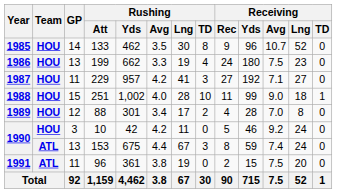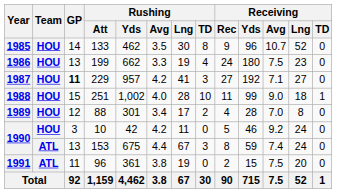 <table class=wikitable style="text-align:center;">
 <tr>
 <th rowspan="2">Year</th>
 <th rowspan="2">Team</th>
 <th rowspan="2">GP</th>
 <th colspan="5">Rushing</th>
 <th colspan="5">Receiving</th>
 </tr>
 <tr>
 <th>Att</th>
 <th>Yds</th>
 <th>Avg</th>
 <th>Lng</th>
 <th>TD</th>
 <th>Rec</th>
 <th>Yds</th>
 <th>Avg</th>
 <th>Lng</th>
 <th>TD</th>
 </tr>
 <tr>
 <th><a href='#'>1985</a></th>
 <th><a href='#'>HOU</a></th>
 <td>14</td>
 <td>133</td>
 <td>462</td>
 <td>3.5</td>
 <td>30</td>
 <td>8</td>
 <td>9</td>
 <td>96</td>
 <td>10.7</td>
 <td>52</td>
 <td>0</td>
 </tr>
 <tr>
 <th><a href='#'>1986</a></th>
 <th><a href='#'>HOU</a></th>
 <td>13</td>
 <td>199</td>
 <td>662</td>
 <td>3.3</td>
 <td>19</td>
 <td>4</td>
 <td>24</td>
 <td>180</td>
 <td>7.5</td>
 <td>23</td>
 <td>0</td>
 </tr>
 <tr>
 <th><a href='#'>1987</a></th>
 <th><a href='#'>HOU</a></th>
-<td>11</td>
+<td><strong>11</strong></td>
 <td>229</td>
 <td>957</td>
 <td>4.2</td>
 <td>41</td>
 <td>3</td>
 <td>27</td>
 <td>192</td>
 <td>7.1</td>
 <td>27</td>
 <td>0</td>
 </tr>
 <tr>
 <th><a href='#'>1988</a></th>
 <th><a href='#'>HOU</a></th>
 <td>15</td>
 <td>251</td>
 <td>1,002</td>
 <td>4.0</td>
 <td>28</td>
 <td>10</td>
 <td>11</td>
 <td>99</td>
 <td>9.0</td>
 <td>18</td>
 <td>1</td>
 </tr>
 <tr>
 <th><a href='#'>1989</a></th>
 <th><a href='#'>HOU</a></th>
 <td>12</td>
 <td>88</td>
 <td>301</td>
 <td>3.4</td>
 <td>17</td>
 <td>2</td>
 <td>4</td>
 <td>28</td>
 <td>7.0</td>
 <td>8</td>
 <td>0</td>
 </tr>
 <tr>
 <th rowspan="2"><a href='#'>1990</a></th>
 <th><a href='#'>HOU</a></th>
 <td>3</td>
 <td>10</td>
 <td>42</td>
 <td>4.2</td>
 <td>11</td>
 <td>0</td>
 <td>5</td>
 <td>46</td>
 <td>9.2</td>
 <td>24</td>
 <td>0</td>
 </tr>
 <tr>
 <th><a href='#'>ATL</a></th>
 <td>13</td>
 <td>153</td>
 <td>675</td>
 <td>4.4</td>
 <td>67</td>
 <td>3</td>
 <td>8</td>
 <td>59</td>
 <td>7.4</td>
 <td>24</td>
 <td>0</td>
 </tr>
 <tr>
 <th><a href='#'>1991</a></th>
 <th><a href='#'>ATL</a></th>
 <td>11</td>
 <td>96</td>
 <td>361</td>
 <td>3.8</td>
 <td>19</td>
 <td>0</td>
 <td>2</td>
 <td>15</td>
 <td>7.5</td>
 <td>20</td>
 <td>0</td>
 </tr>
 <tr>
 <th colspan="2">Total</th>
 <th>92</th>
 <th>1,159</th>
 <th>4,462</th>
 <th>3.8</th>
 <th>67</th>
 <th>30</th>
 <th>90</th>
 <th>715</th>
 <th>7.5</th>
 <th>52</th>
 <th>1</th>
 </tr>
 </table>
